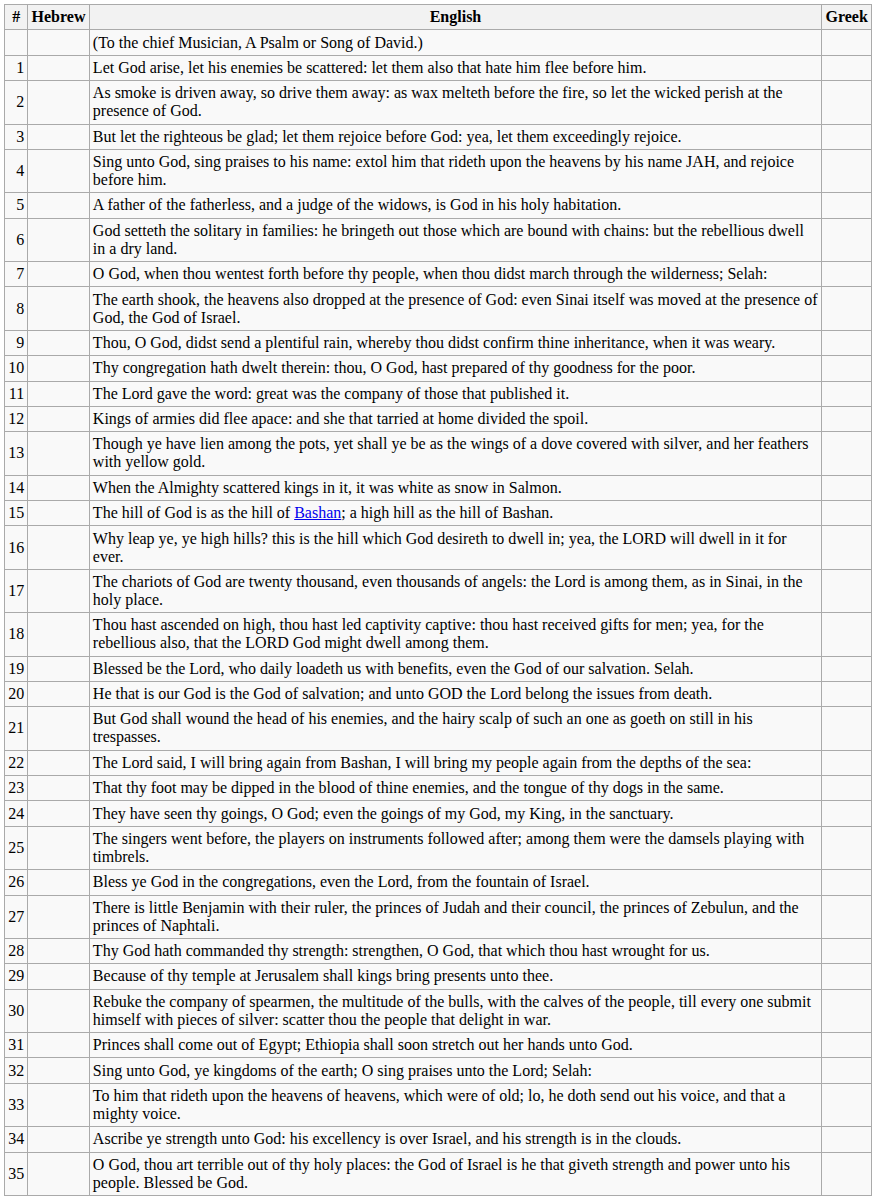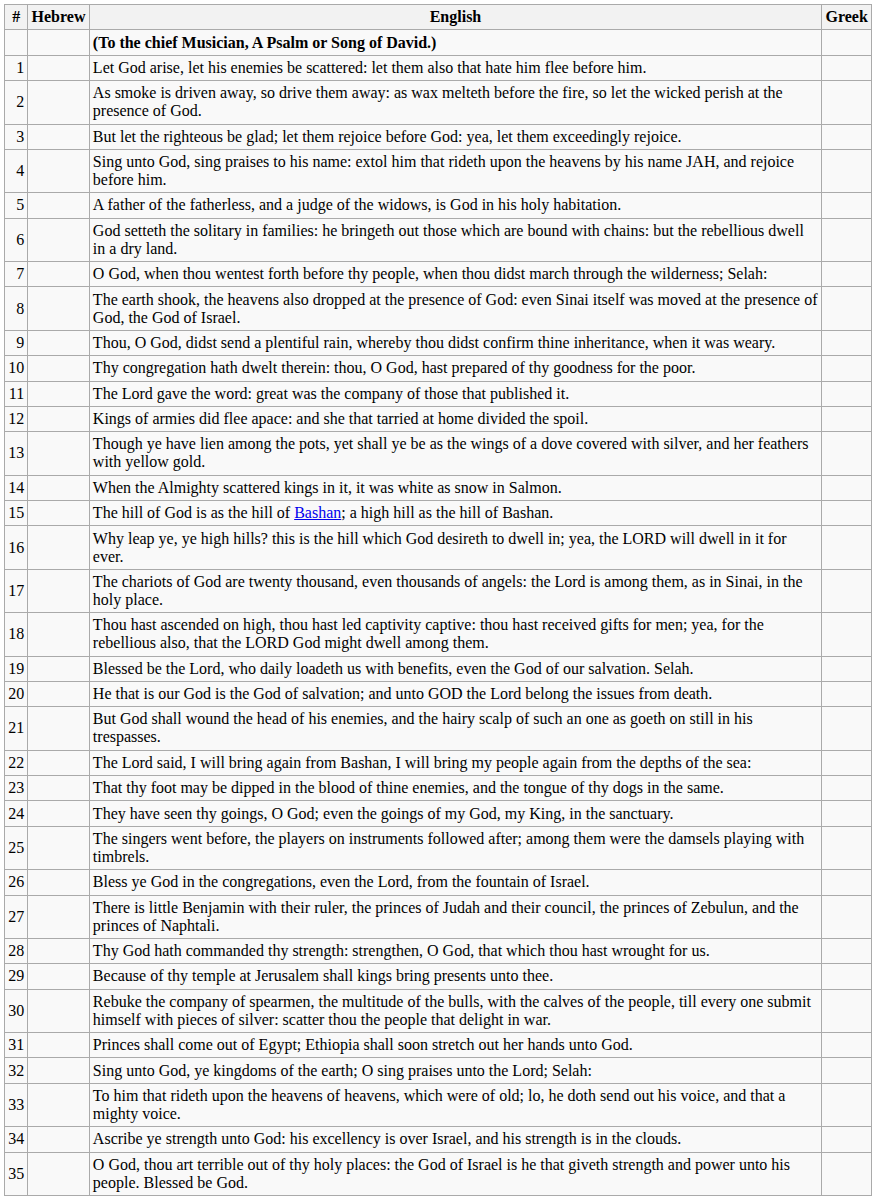 <table class=wikitable>
 <tr>
 <th>#</th>
 <th>Hebrew</th>
 <th>English</th>
 <th>Greek</th>
 </tr>
 <tr>
 <td style="text-align:right"></td>
 <td style="text-align:right"></td>
-<td>(To the chief Musician, A Psalm or Song of David.)</td>
+<td><strong>(To the chief Musician, A Psalm or Song of David.)</strong></td>
 <td></td>
 </tr>
 <tr>
 <td style="text-align:right">1</td>
 <td style="text-align:right"></td>
 <td>Let God arise, let his enemies be scattered: let them also that hate him flee before him.</td>
 <td></td>
 </tr>
 <tr>
 <td style="text-align:right">2</td>
 <td style="text-align:right"></td>
 <td>As smoke is driven away, so drive them away: as wax melteth before the fire, so let the wicked perish at the presence of God.</td>
 <td></td>
 </tr>
 <tr>
 <td style="text-align:right">3</td>
 <td style="text-align:right"></td>
 <td>But let the righteous be glad; let them rejoice before God: yea, let them exceedingly rejoice.</td>
 <td></td>
 </tr>
 <tr>
 <td style="text-align:right">4</td>
 <td style="text-align:right"></td>
 <td>Sing unto God, sing praises to his name: extol him that rideth upon the heavens by his name JAH, and rejoice before him.</td>
 <td></td>
 </tr>
 <tr>
 <td style="text-align:right">5</td>
 <td style="text-align:right"></td>
 <td>A father of the fatherless, and a judge of the widows, is God in his holy habitation.</td>
 <td></td>
 </tr>
 <tr>
 <td style="text-align:right">6</td>
 <td style="text-align:right"></td>
 <td>God setteth the solitary in families: he bringeth out those which are bound with chains: but the rebellious dwell in a dry land.</td>
 <td></td>
 </tr>
 <tr>
 <td style="text-align:right">7</td>
 <td style="text-align:right"></td>
 <td>O God, when thou wentest forth before thy people, when thou didst march through the wilderness; Selah:</td>
 <td></td>
 </tr>
 <tr>
 <td style="text-align:right">8</td>
 <td style="text-align:right"></td>
 <td>The earth shook, the heavens also dropped at the presence of God: even Sinai itself was moved at the presence of God, the God of Israel.</td>
 <td></td>
 </tr>
 <tr>
 <td style="text-align:right">9</td>
 <td style="text-align:right"></td>
 <td>Thou, O God, didst send a plentiful rain, whereby thou didst confirm thine inheritance, when it was weary.</td>
 <td></td>
 </tr>
 <tr>
 <td style="text-align:right">10</td>
 <td style="text-align:right"></td>
 <td>Thy congregation hath dwelt therein: thou, O God, hast prepared of thy goodness for the poor.</td>
 <td></td>
 </tr>
 <tr>
 <td style="text-align:right">11</td>
 <td style="text-align:right"></td>
 <td>The Lord gave the word: great was the company of those that published it.</td>
 <td></td>
 </tr>
 <tr>
 <td style="text-align:right">12</td>
 <td style="text-align:right"></td>
 <td>Kings of armies did flee apace: and she that tarried at home divided the spoil.</td>
 <td></td>
 </tr>
 <tr>
 <td style="text-align:right">13</td>
 <td style="text-align:right"></td>
 <td>Though ye have lien among the pots, yet shall ye be as the wings of a dove covered with silver, and her feathers with yellow gold.</td>
 <td></td>
 </tr>
 <tr>
 <td style="text-align:right">14</td>
 <td style="text-align:right"></td>
 <td>When the Almighty scattered kings in it, it was white as snow in Salmon.</td>
 <td></td>
 </tr>
 <tr>
 <td style="text-align:right">15</td>
 <td style="text-align:right"></td>
 <td>The hill of God is as the hill of <a href='#'>Bashan</a>; a high hill as the hill of Bashan.</td>
 <td></td>
 </tr>
 <tr>
 <td style="text-align:right">16</td>
 <td style="text-align:right"></td>
 <td>Why leap ye, ye high hills? this is the hill which God desireth to dwell in; yea, the LORD will dwell in it for ever.</td>
 <td></td>
 </tr>
 <tr>
 <td style="text-align:right">17</td>
 <td style="text-align:right"></td>
 <td>The chariots of God are twenty thousand, even thousands of angels: the Lord is among them, as in Sinai, in the holy place.</td>
 <td></td>
 </tr>
 <tr>
 <td style="text-align:right">18</td>
 <td style="text-align:right"></td>
 <td>Thou hast ascended on high, thou hast led captivity captive: thou hast received gifts for men; yea, for the rebellious also, that the LORD God might dwell among them.</td>
 <td></td>
 </tr>
 <tr>
 <td style="text-align:right">19</td>
 <td style="text-align:right"></td>
 <td>Blessed be the Lord, who daily loadeth us with benefits, even the God of our salvation. Selah.</td>
 <td></td>
 </tr>
 <tr>
 <td style="text-align:right">20</td>
 <td style="text-align:right"></td>
 <td>He that is our God is the God of salvation; and unto GOD the Lord belong the issues from death.</td>
 <td></td>
 </tr>
 <tr>
 <td style="text-align:right">21</td>
 <td style="text-align:right"></td>
 <td>But God shall wound the head of his enemies, and the hairy scalp of such an one as goeth on still in his trespasses.</td>
 <td></td>
 </tr>
 <tr>
 <td style="text-align:right">22</td>
 <td style="text-align:right"></td>
 <td>The Lord said, I will bring again from Bashan, I will bring my people again from the depths of the sea:</td>
 <td></td>
 </tr>
 <tr>
 <td style="text-align:right">23</td>
 <td style="text-align:right"></td>
 <td>That thy foot may be dipped in the blood of thine enemies, and the tongue of thy dogs in the same.</td>
 <td></td>
 </tr>
 <tr>
 <td style="text-align:right">24</td>
 <td style="text-align:right"></td>
 <td>They have seen thy goings, O God; even the goings of my God, my King, in the sanctuary.</td>
 <td></td>
 </tr>
 <tr>
 <td style="text-align:right">25</td>
 <td style="text-align:right"></td>
 <td>The singers went before, the players on instruments followed after; among them were the damsels playing with timbrels.</td>
 <td></td>
 </tr>
 <tr>
 <td style="text-align:right">26</td>
 <td style="text-align:right"></td>
 <td>Bless ye God in the congregations, even the Lord, from the fountain of Israel.</td>
 <td></td>
 </tr>
 <tr>
 <td style="text-align:right">27</td>
 <td style="text-align:right"></td>
 <td>There is little Benjamin with their ruler, the princes of Judah and their council, the princes of Zebulun, and the princes of Naphtali.</td>
 <td></td>
 </tr>
 <tr>
 <td style="text-align:right">28</td>
 <td style="text-align:right"></td>
 <td>Thy God hath commanded thy strength: strengthen, O God, that which thou hast wrought for us.</td>
 <td></td>
 </tr>
 <tr>
 <td style="text-align:right">29</td>
 <td style="text-align:right"></td>
 <td>Because of thy temple at Jerusalem shall kings bring presents unto thee.</td>
 <td></td>
 </tr>
 <tr>
 <td style="text-align:right">30</td>
 <td style="text-align:right"></td>
 <td>Rebuke the company of spearmen, the multitude of the bulls, with the calves of the people, till every one submit himself with pieces of silver: scatter thou the people that delight in war.</td>
 <td></td>
 </tr>
 <tr>
 <td style="text-align:right">31</td>
 <td style="text-align:right"></td>
 <td>Princes shall come out of Egypt; Ethiopia shall soon stretch out her hands unto God.</td>
 <td></td>
 </tr>
 <tr>
 <td style="text-align:right">32</td>
 <td style="text-align:right"></td>
 <td>Sing unto God, ye kingdoms of the earth; O sing praises unto the Lord; Selah:</td>
 <td></td>
 </tr>
 <tr>
 <td style="text-align:right">33</td>
 <td style="text-align:right"></td>
 <td>To him that rideth upon the heavens of heavens, which were of old; lo, he doth send out his voice, and that a mighty voice.</td>
 <td></td>
 </tr>
 <tr>
 <td style="text-align:right">34</td>
 <td style="text-align:right"></td>
 <td>Ascribe ye strength unto God: his excellency is over Israel, and his strength is in the clouds.</td>
 <td></td>
 </tr>
 <tr>
 <td style="text-align:right">35</td>
 <td style="text-align:right"></td>
 <td>O God, thou art terrible out of thy holy places: the God of Israel is he that giveth strength and power unto his people. Blessed be God.</td>
 <td></td>
 </tr>
 <tr>
 </tr>
 </table>
